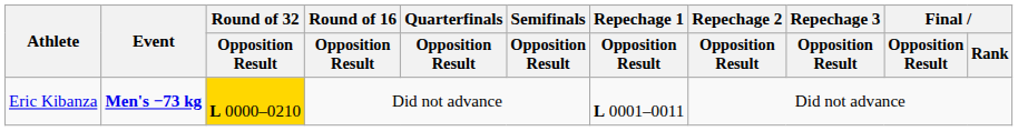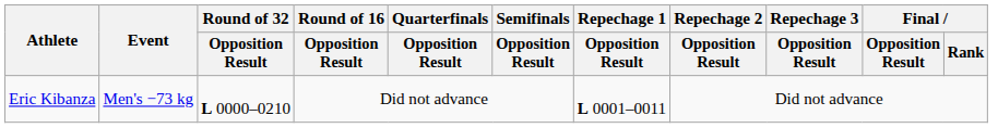 <table class="wikitable" style="font-size:90%">
 <tr>
 <th rowspan="2">Athlete</th>
 <th rowspan="2">Event</th>
 <th>Round of 32</th>
 <th>Round of 16</th>
 <th>Quarterfinals</th>
 <th>Semifinals</th>
 <th>Repechage 1</th>
 <th>Repechage 2</th>
 <th>Repechage 3</th>
 <th colspan=2>Final / </th>
 </tr>
 <tr style="font-size:95%">
 <th>Opposition<br>Result</th>
 <th>Opposition<br>Result</th>
 <th>Opposition<br>Result</th>
 <th>Opposition<br>Result</th>
 <th>Opposition<br>Result</th>
 <th>Opposition<br>Result</th>
 <th>Opposition<br>Result</th>
 <th>Opposition<br>Result</th>
 <th>Rank</th>
 </tr>
 <tr align=center>
 <td align=left><a href='#'>Eric Kibanza</a></td>
-<td align=left><strong><a href='#'>Men's −73 kg</a></strong></td>
-<td style="background: gold;"><br><strong>L</strong> 0000–0210</td>
+<td align=left><a href='#'>Men's −73 kg</a></td>
+<td><br><strong>L</strong> 0000–0210</td>
 <td colspan=3>Did not advance</td>
 <td><br><strong>L</strong> 0001–0011</td>
 <td colspan=4>Did not advance</td>
 </tr>
 </table>
